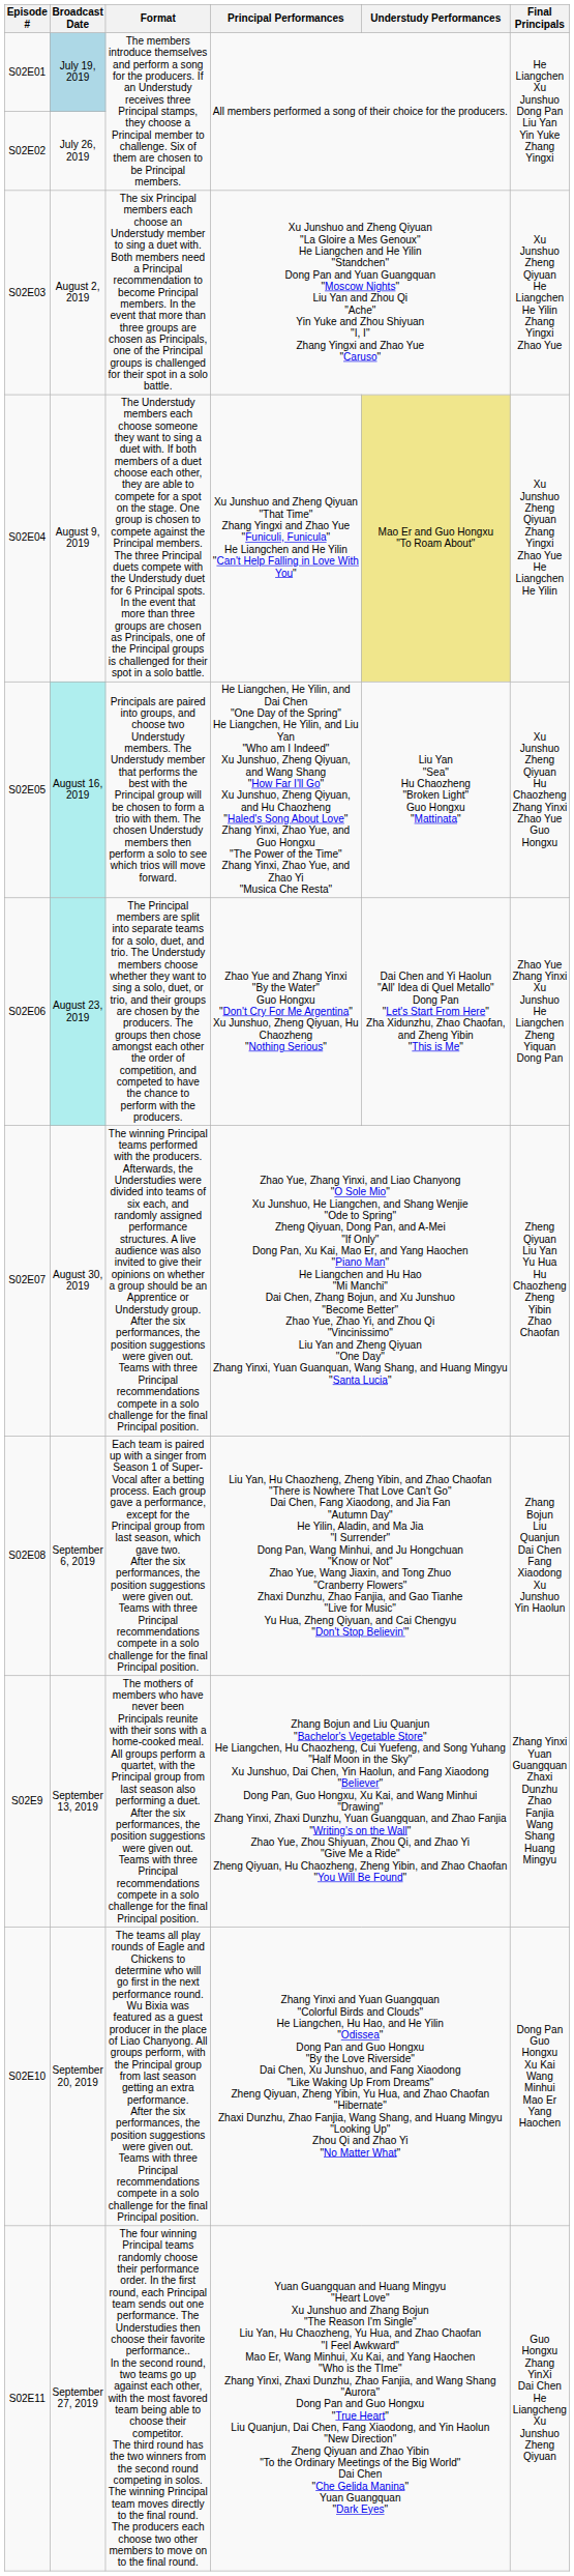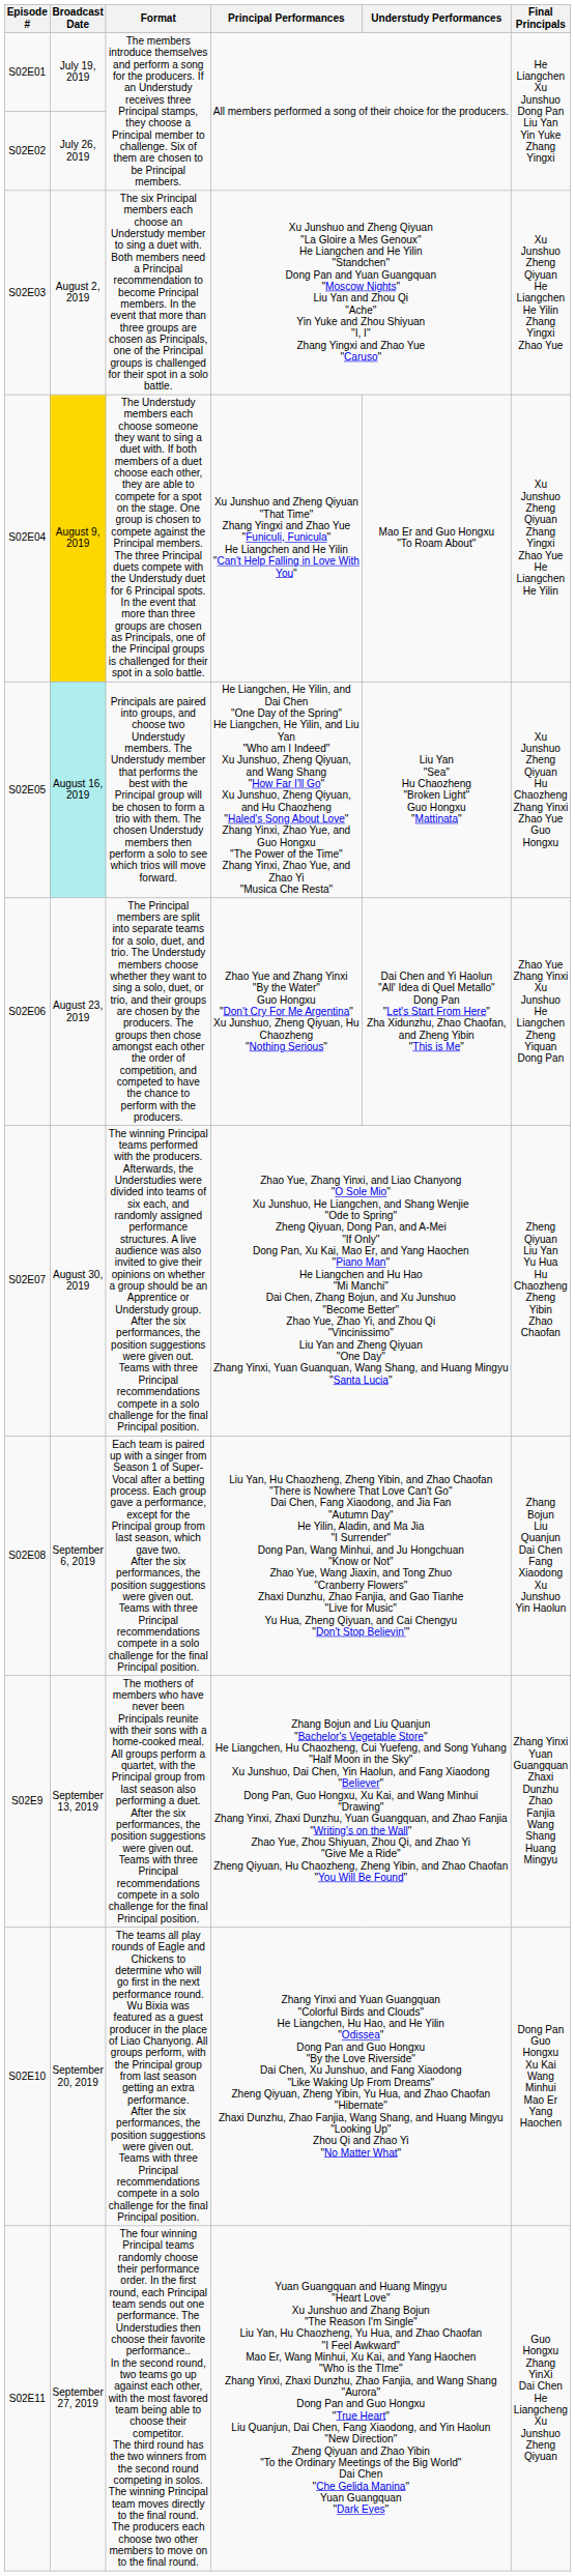 <table class="wikitable" style="text-align:center">
 <tr>
 <th>Episode #</th>
 <th>Broadcast Date</th>
 <th>Format</th>
 <th>Principal Performances</th>
 <th>Understudy Performances</th>
 <th>Final Principals</th>
 </tr>
 <tr>
 <td>S02E01</td>
-<td style="background: lightblue;">July 19, 2019</td>
+<td>July 19, 2019</td>
 <td rowspan="2" scope="col" style="width: 300px; ">The members introduce themselves and perform a song for the producers. If an Understudy receives three Principal stamps, they choose a Principal member to challenge. Six of them are chosen to be Principal members.</td>
 <td colspan="2" rowspan="2" style="white-space: nowrap;">All members performed a song of their choice for the producers.</td>
 <td rowspan="2" style="text-align: center ">He Liangchen<br>Xu Junshuo<br>Dong Pan<br>Liu Yan<br>Yin Yuke<br>Zhang Yingxi</td>
 </tr>
 <tr>
 <td>S02E02</td>
 <td>July 26, 2019</td>
 </tr>
 <tr>
 <td>S02E03</td>
 <td>August 2, 2019</td>
 <td>The six Principal members each choose an Understudy member to sing a duet with. Both members need a Principal recommendation to become Principal members. In the event that more than three groups are chosen as Principals, one of the Principal groups is challenged for their spot in a solo battle.</td>
 <td colspan="2">Xu Junshuo and Zheng Qiyuan<br>"La Gloire a Mes Genoux"<br>He Liangchen and He Yilin<br>"Standchen"<br>Dong  Pan and Yuan Guangquan<br>"<a href='#'>Moscow Nights</a>"<br>Liu Yan and Zhou Qi<br>"Ache"<br>Yin Yuke and Zhou Shiyuan<br>"I, I"<br>Zhang Yingxi and Zhao Yue<br>"<a href='#'>Caruso</a>"</td>
 <td>Xu Junshuo<br>Zheng Qiyuan<br>He Liangchen<br>He Yilin<br>Zhang Yingxi<br>Zhao Yue</td>
 </tr>
 <tr>
 <td>S02E04</td>
-<td>August 9, 2019</td>
+<td style="background: gold;">August 9, 2019</td>
 <td>The Understudy members each choose someone they want to sing a duet with. If both members of a duet choose each other, they are able to compete for a spot on the stage. One group is chosen to compete against the Principal members.<br>The three Principal duets compete with the Understudy duet for 6 Principal spots. In the event that more than three groups are chosen as Principals, one of the Principal groups is challenged for their spot in a solo battle.</td>
 <td>Xu Junshuo and Zheng Qiyuan<br>"That Time"<br>Zhang Yingxi and Zhao Yue<br>"<a href='#'>Funiculi, Funicula</a>"<br>He Liangchen and He Yilin<br>"<a href='#'>Can't Help Falling in Love With You</a>"</td>
-<td style="background: khaki;">Mao Er and Guo Hongxu<br>"To Roam About"</td>
+<td>Mao Er and Guo Hongxu<br>"To Roam About"</td>
 <td>Xu Junshuo<br>Zheng Qiyuan<br>Zhang Yingxi<br>Zhao Yue<br>He Liangchen<br>He Yilin</td>
 </tr>
 <tr>
 <td>S02E05</td>
 <td style="background: paleturquoise;">August 16, 2019</td>
 <td>Principals are paired into groups, and choose two Understudy members. The Understudy member that performs the best with the Principal group will be chosen to form a trio with them. The chosen Understudy members then perform a solo to see which trios will move forward.</td>
 <td>He Liangchen, He Yilin, and Dai Chen<br>"One Day of the Spring"<br>He Liangchen, He Yilin, and Liu Yan<br>"Who am I Indeed"<br>Xu Junshuo, Zheng Qiyuan, and Wang Shang<br>"<a href='#'>How Far I'll Go</a>"<br>Xu Junshuo, Zheng Qiyuan, and Hu Chaozheng<br>"<a href='#'>Haled's Song About Love</a>"<br>Zhang Yinxi, Zhao Yue, and Guo Hongxu<br>"The Power of the Time"<br>Zhang Yinxi, Zhao Yue, and Zhao Yi<br>"Musica Che Resta" <br></td>
 <td>Liu Yan<br>"Sea"<br>Hu Chaozheng<br>"Broken Light"<br>Guo Hongxu<br>"<a href='#'>Mattinata</a>"</td>
 <td>Xu Junshuo<br>Zheng Qiyuan<br>Hu Chaozheng<br>Zhang Yinxi<br>Zhao Yue<br>Guo Hongxu</td>
 </tr>
 <tr>
 <td>S02E06</td>
-<td style="background: paleturquoise;">August 23, 2019</td>
+<td>August 23, 2019</td>
 <td>The Principal members are split into separate teams for a solo, duet, and trio. The Understudy members choose whether they want to sing a solo, duet, or trio, and their groups are chosen by the producers. The groups then chose amongst each other the order of competition, and competed to have the chance to perform with the producers.</td>
 <td>Zhao Yue and Zhang Yinxi<br>"By the Water"<br>Guo Hongxu<br>"<a href='#'>Don't Cry For Me Argentina</a>"<br>Xu Junshuo, Zheng Qiyuan, Hu Chaozheng<br>"<a href='#'>Nothing Serious</a>"</td>
 <td>Dai Chen and Yi Haolun<br>"All' Idea di Quel Metallo"<br>Dong Pan<br>"<a href='#'>Let's Start From Here</a>"<br>Zha Xidunzhu, Zhao Chaofan, and Zheng Yibin<br>"<a href='#'>This is Me</a>"</td>
 <td>Zhao Yue<br>Zhang Yinxi<br>Xu Junshuo<br>He Liangchen<br>Zheng Yiquan<br>Dong Pan</td>
 </tr>
 <tr>
 <td>S02E07</td>
 <td>August 30, 2019</td>
 <td>The winning Principal teams performed with the producers. Afterwards, the Understudies were divided into teams of six each, and randomly assigned performance structures. A live audience was also invited to give their opinions on whether a group should be an Apprentice or Understudy group.<br>After the six performances, the position suggestions were given out. Teams with three Principal recommendations compete in a solo challenge for the final Principal position.  <br></td>
 <td colspan="2">Zhao Yue, Zhang Yinxi, and Liao Chanyong<br>"<a href='#'>O Sole Mio</a>"<br>Xu Junshuo, He Liangchen, and Shang Wenjie<br>"Ode to Spring"<br>Zheng Qiyuan, Dong Pan, and A-Mei<br>"If Only"<br>Dong Pan, Xu Kai, Mao Er, and Yang Haochen<br>"<a href='#'>Piano Man</a>"<br>He Liangchen and Hu Hao<br>"Mi Manchi"<br>Dai Chen, Zhang Bojun, and Xu Junshuo<br>"Become Better"<br>Zhao Yue, Zhao Yi, and Zhou Qi<br>"Vincinissimo"<br>Liu Yan and Zheng Qiyuan<br>"One Day"<br>Zhang Yinxi, Yuan Guanquan, Wang Shang, and Huang Mingyu<br>"<a href='#'>Santa Lucia</a>"</td>
 <td>Zheng Qiyuan<br>Liu Yan<br>Yu Hua<br>Hu Chaozheng<br>Zheng Yibin<br>Zhao Chaofan</td>
 </tr>
 <tr>
 <td>S02E08</td>
 <td>September 6, 2019</td>
 <td>Each team is paired up with a singer from Season 1 of Super-Vocal after a betting process. Each group gave a performance, except for the Principal group from last season, which gave two.<br>After the six performances, the position suggestions were given out. Teams with three Principal recommendations compete in a solo challenge for the final Principal position.</td>
 <td colspan="2">Liu Yan, Hu Chaozheng, Zheng Yibin, and Zhao Chaofan<br>"There is Nowhere That Love Can't Go"<br>Dai Chen, Fang Xiaodong, and Jia Fan<br>"Autumn Day"<br>He Yilin, Aladin, and Ma Jia<br>"I Surrender"<br>Dong Pan, Wang Minhui, and Ju Hongchuan<br>"Know or Not"<br>Zhao Yue, Wang Jiaxin, and Tong Zhuo<br>"Cranberry Flowers"<br>Zhaxi Dunzhu, Zhao Fanjia, and Gao Tianhe<br>"Live for Music"<br>Yu Hua, Zheng Qiyuan, and Cai Chengyu<br>"<a href='#'>Don't Stop Believin'</a>" <br></td>
 <td>Zhang Bojun<br>Liu Quanjun<br>Dai Chen<br>Fang Xiaodong<br>Xu Junshuo<br>Yin Haolun</td>
 </tr>
 <tr>
 <td>S02E9</td>
 <td>September 13, 2019</td>
 <td>The mothers of members who have never been Principals reunite with their sons with a home-cooked meal.<br>All groups perform a quartet, with the Principal group from last season also performing a duet.<br>After the six performances, the position suggestions were given out. Teams with three Principal recommendations compete in a solo challenge for the final Principal position.</td>
 <td colspan="2">Zhang Bojun and Liu Quanjun<br>"<a href='#'>Bachelor's Vegetable Store</a>"<br>He Liangchen, Hu Chaozheng, Cui Yuefeng, and Song Yuhang<br>"Half Moon in the Sky"<br>Xu Junshuo, Dai Chen, Yin Haolun, and Fang Xiaodong<br>"<a href='#'>Believer</a>"<br>Dong Pan, Guo Hongxu, Xu Kai, and Wang Minhui<br>"Drawing"<br>Zhang Yinxi, Zhaxi Dunzhu, Yuan Guangquan, and Zhao Fanjia<br>"<a href='#'>Writing's on the Wall</a>"<br>Zhao Yue, Zhou Shiyuan, Zhou Qi, and Zhao Yi<br>"Give Me a Ride"<br>Zheng Qiyuan, Hu Chaozheng, Zheng Yibin, and Zhao Chaofan<br>"<a href='#'>You Will Be Found</a>" <br></td>
 <td>Zhang Yinxi<br>Yuan Guangquan<br>Zhaxi Dunzhu<br>Zhao Fanjia<br>Wang Shang<br>Huang Mingyu</td>
 </tr>
 <tr>
 <td>S02E10</td>
 <td>September 20, 2019</td>
 <td>The teams all play rounds of Eagle and Chickens to determine who will go first in the next performance round.<br>Wu Bixia was featured as a guest producer in the place of Liao Chanyong. All groups perform, with the Principal group from last season getting an extra performance.<br>After the six performances, the position suggestions were given out. Teams with three Principal recommendations compete in a solo challenge for the final Principal position.</td>
 <td colspan="2">Zhang Yinxi and Yuan Guangquan<br>"Colorful Birds and Clouds"<br>He Liangchen, Hu Hao, and He Yilin<br>"<a href='#'>Odissea</a>"<br>Dong Pan and Guo Hongxu<br>"By the Love Riverside"<br>Dai Chen, Xu Junshuo, and Fang Xiaodong<br>"Like Waking Up From Dreams"<br>Zheng Qiyuan, Zheng Yibin, Yu Hua, and Zhao Chaofan<br>"Hibernate"<br>Zhaxi Dunzhu, Zhao Fanjia, Wang Shang, and Huang Mingyu <br>"Looking Up"<br>Zhou Qi and Zhao Yi<br>"<a href='#'>No Matter What</a>"</td>
 <td>Dong Pan<br>Guo Hongxu<br>Xu Kai<br>Wang Minhui<br>Mao Er<br>Yang Haochen</td>
 </tr>
 <tr>
 <td>S02E11</td>
 <td>September 27, 2019</td>
 <td>The four winning Principal teams randomly choose their performance order. In the first round, each Principal team sends out one performance. The Understudies then choose their favorite performance..<br>In the second round, two teams go up against each other, with the most favored team being able to choose their competitor.<br>The third round has the two winners from the second round competing in solos. The winning Principal team moves directly to the final round.<br>The producers each choose two other members to move on to the final round.</td>
 <td colspan="2">Yuan Guangquan and Huang Mingyu<br>"Heart Love"<br>Xu Junshuo and Zhang Bojun<br>"The Reason I'm Single"<br>Liu Yan, Hu Chaozheng, Yu Hua, and Zhao Chaofan<br>"I Feel Awkward"<br>Mao Er, Wang Minhui, Xu Kai, and Yang Haochen<br>"Who is the TIme"<br>Zhang Yinxi, Zhaxi Dunzhu, Zhao Fanjia, and Wang Shang<br>"Aurora"<br>Dong Pan and Guo Hongxu<br>"<a href='#'>True Heart</a>"<br>Liu Quanjun, Dai Chen, Fang Xiaodong, and Yin Haolun<br>"New Direction"<br>Zheng Qiyuan and Zhao Yibin<br>"To the Ordinary Meetings of the Big World"<br>Dai Chen<br>"<a href='#'>Che Gelida Manina</a>"<br>Yuan Guangquan<br>"<a href='#'>Dark Eyes</a>"</td>
 <td>Guo Hongxu<br>Zhang YinXi<br>Dai Chen<br>He Liangcheng<br>Xu Junshuo<br>Zheng Qiyuan</td>
 </tr>
 </table>
